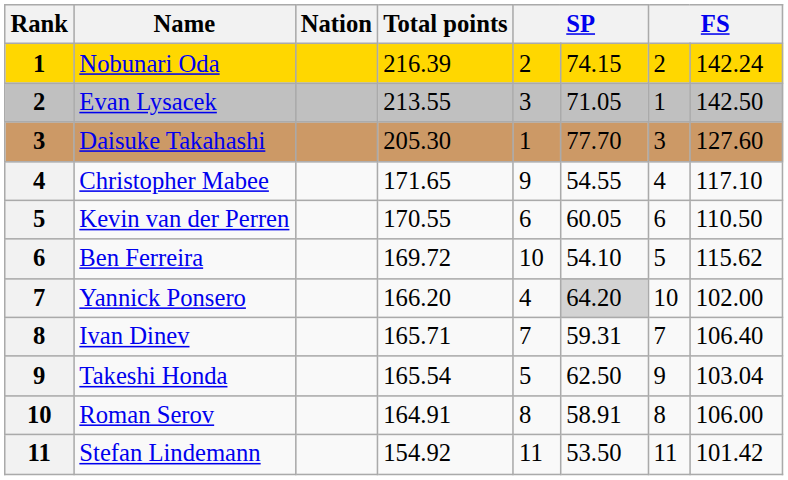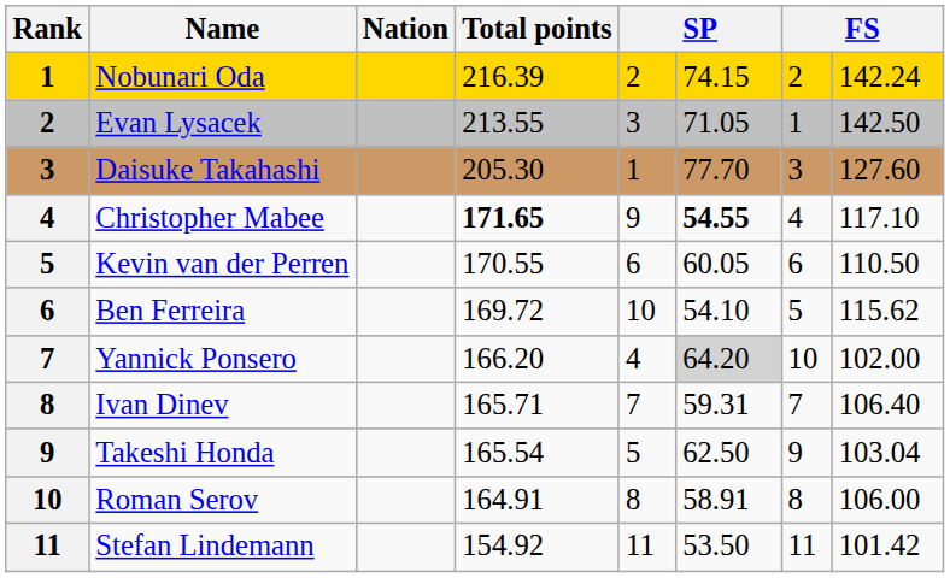 <table class="wikitable">
 <tr>
 <th>Rank</th>
 <th>Name</th>
 <th>Nation</th>
 <th>Total points</th>
 <th colspan="2" width="80px"><a href='#'>SP</a></th>
 <th colspan="2" width="80px"><a href='#'>FS</a></th>
 </tr>
 <tr bgcolor="gold">
 <td align="center"><strong>1</strong></td>
 <td><a href='#'>Nobunari Oda</a></td>
 <td></td>
 <td>216.39</td>
 <td>2</td>
 <td>74.15</td>
 <td>2</td>
 <td>142.24</td>
 </tr>
 <tr bgcolor="silver">
 <td align="center"><strong>2</strong></td>
 <td><a href='#'>Evan Lysacek</a></td>
 <td></td>
 <td>213.55</td>
 <td>3</td>
 <td>71.05</td>
 <td>1</td>
 <td>142.50</td>
 </tr>
 <tr bgcolor="cc9966">
 <td align="center"><strong>3</strong></td>
 <td><a href='#'>Daisuke Takahashi</a></td>
 <td></td>
 <td>205.30</td>
 <td>1</td>
 <td>77.70</td>
 <td>3</td>
 <td>127.60</td>
 </tr>
 <tr>
 <th>4</th>
 <td><a href='#'>Christopher Mabee</a></td>
 <td></td>
-<td>171.65</td>
+<td><strong>171.65</strong></td>
 <td>9</td>
-<td>54.55</td>
+<td><strong>54.55</strong></td>
 <td>4</td>
 <td>117.10</td>
 </tr>
 <tr>
 <th>5</th>
 <td><a href='#'>Kevin van der Perren</a></td>
 <td></td>
 <td>170.55</td>
 <td>6</td>
 <td>60.05</td>
 <td>6</td>
 <td>110.50</td>
 </tr>
 <tr>
 <th>6</th>
 <td><a href='#'>Ben Ferreira</a></td>
 <td></td>
 <td>169.72</td>
 <td>10</td>
 <td>54.10</td>
 <td>5</td>
 <td>115.62</td>
 </tr>
 <tr>
 <th>7</th>
 <td><a href='#'>Yannick Ponsero</a></td>
 <td></td>
 <td>166.20</td>
 <td>4</td>
 <td style="background: lightgrey;">64.20</td>
 <td>10</td>
 <td>102.00</td>
 </tr>
 <tr>
 <th>8</th>
 <td><a href='#'>Ivan Dinev</a></td>
 <td></td>
 <td>165.71</td>
 <td>7</td>
 <td>59.31</td>
 <td>7</td>
 <td>106.40</td>
 </tr>
 <tr>
 <th>9</th>
 <td><a href='#'>Takeshi Honda</a></td>
 <td></td>
 <td>165.54</td>
 <td>5</td>
 <td>62.50</td>
 <td>9</td>
 <td>103.04</td>
 </tr>
 <tr>
 <th>10</th>
 <td><a href='#'>Roman Serov</a></td>
 <td></td>
 <td>164.91</td>
 <td>8</td>
 <td>58.91</td>
 <td>8</td>
 <td>106.00</td>
 </tr>
 <tr>
 <th>11</th>
 <td><a href='#'>Stefan Lindemann</a></td>
 <td></td>
 <td>154.92</td>
 <td>11</td>
 <td>53.50</td>
 <td>11</td>
 <td>101.42</td>
 </tr>
 </table>
